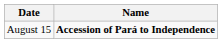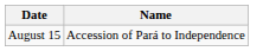 <table class="wikitable">
 <tr>
 <th>Date</th>
 <th>Name</th>
 </tr>
 <tr>
 <td>August 15</td>
-<td><strong>Accession of Pará to Independence</strong></td>
+<td>Accession of Pará to Independence</td>
 </tr>
 </table>
